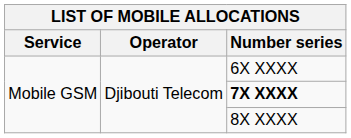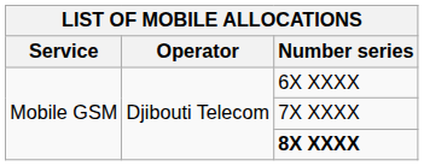 <table class="wikitable" border=1>
 <tr>
 <th colspan="3">LIST OF MOBILE ALLOCATIONS</th>
 </tr>
 <tr>
 <th>Service</th>
 <th>Operator</th>
 <th>Number series</th>
 </tr>
 <tr>
 <td rowspan="3">Mobile GSM</td>
 <td rowspan="3">Djibouti Telecom</td>
 <td>6X XXXX</td>
 </tr>
 <tr>
-<td><strong>7X XXXX</strong></td>
+<td>7X XXXX</td>
 </tr>
 <tr>
-<td>8X XXXX</td>
+<td><strong>8X XXXX</strong></td>
 </tr>
 </table>
